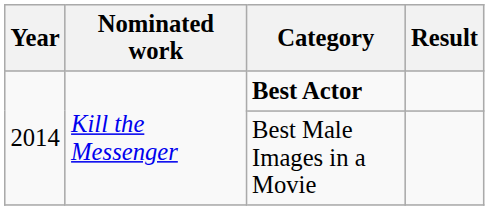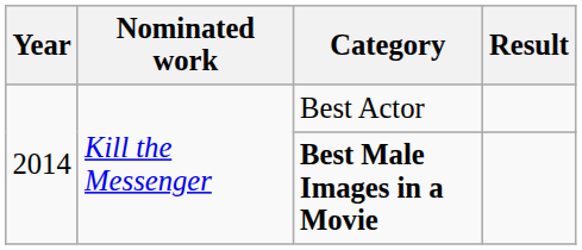 <table class="wikitable sortable" width="50%">
 <tr>
 <th width="1%">Year</th>
 <th width="45%">Nominated work</th>
 <th width="40%">Category</th>
 <th width="14%">Result</th>
 </tr>
 <tr>
 <td rowspan="2">2014</td>
 <td rowspan="2"><em><a href='#'>Kill the Messenger</a></em></td>
-<td><strong>Best Actor</strong></td>
+<td>Best Actor</td>
 <td></td>
 </tr>
 <tr>
-<td>Best Male Images in a Movie</td>
+<td><strong>Best Male Images in a Movie</strong></td>
 <td></td>
 </tr>
 </table>
